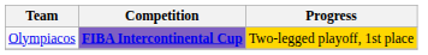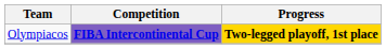 <table class="wikitable sortable">
 <tr>
 <th>Team</th>
 <th>Competition</th>
 <th>Progress</th>
 </tr>
 <tr>
 <td><a href='#'>Olympiacos</a></td>
 <td rowspan="1" style="background:#7F5FC2;color:#ffffff;text-align:center"><strong><a href='#'><span>FIBA Intercontinental Cup</span></a></strong></td>
-<td style="background:#FFD700;text-align:center">Two-legged playoff, 1st place</td>
+<td style="background:#FFD700;text-align:center"><strong>Two-legged playoff, 1st place</strong></td>
 </tr>
 <tr>
 </tr>
 </table>
